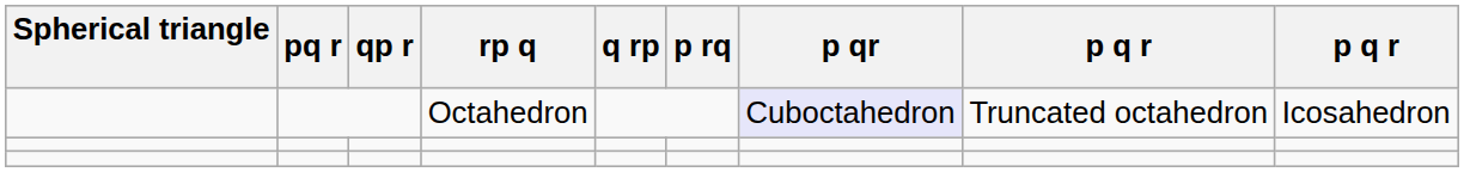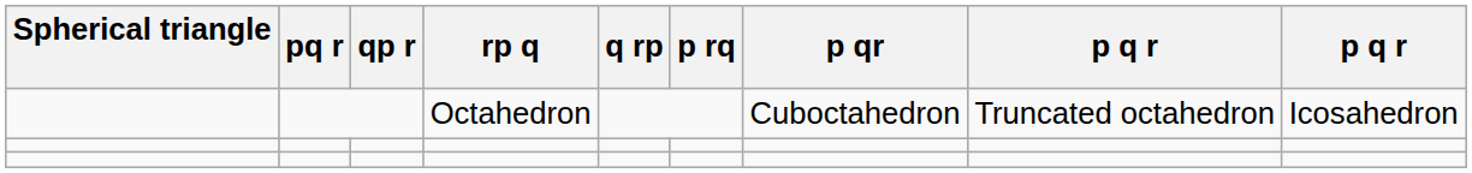 <table class="wikitable">
 <tr>
 <th>Spherical triangle<br><br></th>
 <th>pq r</th>
 <th>qp r</th>
 <th>rp q</th>
 <th>q rp</th>
 <th>p rq</th>
 <th>p qr</th>
 <th>p q r</th>
 <th>p q r</th>
 </tr>
 <tr valign="top">
 <td></td>
 <td colspan="2" align="center"></td>
 <td>Octahedron</td>
 <td colspan="2" align="center"></td>
-<td style="background: lavender;">Cuboctahedron</td>
+<td>Cuboctahedron</td>
 <td>Truncated octahedron</td>
 <td>Icosahedron</td>
 </tr>
 <tr valign="top">
 <td></td>
 <td></td>
 <td></td>
 <td></td>
 <td></td>
 <td></td>
 <td></td>
 <td></td>
 <td></td>
 </tr>
 <tr valign="top">
 <td></td>
 <td></td>
 <td></td>
 <td></td>
 <td></td>
 <td></td>
 <td></td>
 <td></td>
 <td></td>
 </tr>
 </table>
